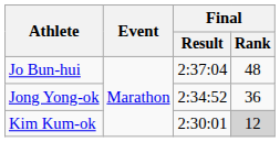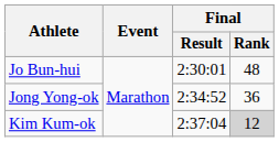 <table class=wikitable style="font-size:90%">
 <tr>
 <th rowspan="2">Athlete</th>
 <th rowspan="2">Event</th>
 <th colspan="2">Final</th>
 </tr>
 <tr style="font-size:95%">
 <th>Result</th>
 <th>Rank</th>
 </tr>
 <tr align=center>
 <td align=left><a href='#'>Jo Bun-hui</a></td>
 <td align=left rowspan=3><a href='#'>Marathon</a></td>
-<td>2:37:04</td>
+<td>2:30:01</td>
 <td>48</td>
 </tr>
 <tr align=center>
 <td align=left><a href='#'>Jong Yong-ok</a></td>
 <td>2:34:52</td>
 <td>36</td>
 </tr>
 <tr align=center>
 <td align=left><a href='#'>Kim Kum-ok</a></td>
-<td>2:30:01</td>
+<td>2:37:04</td>
 <td style="background: lightgrey;">12</td>
 </tr>
 </table>
